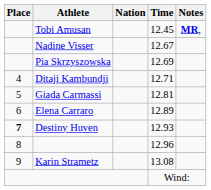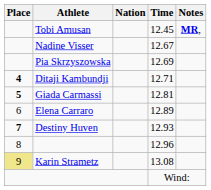 <table class="wikitable mw-datatable sortable" style="text-align:center;">
 <tr>
 <th scope="col">Place</th>
 <th scope="col">Athlete</th>
 <th scope="col">Nation</th>
 <th scope="col">Time</th>
 <th scope="col">Notes</th>
 </tr>
 <tr>
 <td></td>
 <td align="left"><a href='#'>Tobi Amusan</a></td>
 <td align="left"></td>
 <td>12.45</td>
 <td><strong><a href='#'>MR</a></strong>, </td>
 </tr>
 <tr>
 <td></td>
 <td align="left"><a href='#'>Nadine Visser</a></td>
 <td align="left"></td>
 <td>12.67</td>
 <td></td>
 </tr>
 <tr>
 <td></td>
 <td align="left"><a href='#'>Pia Skrzyszowska</a></td>
 <td align="left"></td>
 <td>12.69</td>
 <td></td>
 </tr>
 <tr>
-<td>4</td>
+<td><strong>4</strong></td>
 <td align="left"><a href='#'>Ditaji Kambundji</a></td>
 <td align="left"></td>
 <td>12.71</td>
 <td></td>
 </tr>
 <tr>
-<td>5</td>
+<td><strong>5</strong></td>
 <td align="left"><a href='#'>Giada Carmassi</a></td>
 <td align="left"></td>
 <td>12.81</td>
 <td></td>
 </tr>
 <tr>
 <td>6</td>
 <td align="left"><a href='#'>Elena Carraro</a></td>
 <td align="left"></td>
 <td>12.89</td>
 <td></td>
 </tr>
 <tr>
 <td><strong>7</strong></td>
 <td align="left"><a href='#'>Destiny Huven</a></td>
 <td align="left"></td>
 <td>12.93</td>
 <td></td>
 </tr>
 <tr>
 <td>8</td>
 <td align="left"></td>
 <td align="left"></td>
 <td>12.96</td>
 <td></td>
 </tr>
 <tr>
-<td>9</td>
+<td style="background: khaki;">9</td>
 <td align="left"><a href='#'>Karin Strametz</a></td>
 <td align="left"></td>
 <td>13.08</td>
 <td></td>
 </tr>
 <tr class="sortbottom">
 <td colspan="3"></td>
 <td colspan="2">Wind: </td>
 </tr>
 </table>
